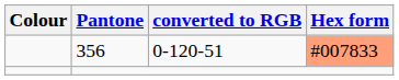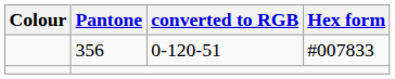 <table class="wikitable">
 <tr>
 <th>Colour</th>
 <th><a href='#'>Pantone</a></th>
 <th><a href='#'>converted to RGB</a></th>
 <th><a href='#'>Hex form</a></th>
 </tr>
 <tr>
 <td nowrap></td>
 <td>356</td>
 <td>0-120-51</td>
-<td style="background: lightsalmon;">#007833</td>
+<td>#007833</td>
 </tr>
 <tr>
 <td></td>
 <td colspan=3></td>
 </tr>
 </table>
